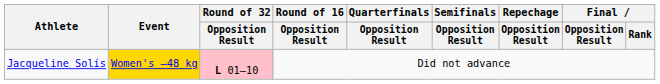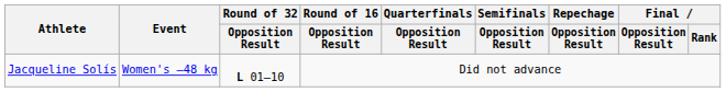 <table class="wikitable" style="font-size:90%">
 <tr>
 <th rowspan="2">Athlete</th>
 <th rowspan="2">Event</th>
 <th>Round of 32</th>
 <th>Round of 16</th>
 <th>Quarterfinals</th>
 <th>Semifinals</th>
 <th>Repechage</th>
 <th colspan=2>Final / </th>
 </tr>
 <tr style="font-size:95%">
 <th>Opposition<br>Result</th>
 <th>Opposition<br>Result</th>
 <th>Opposition<br>Result</th>
 <th>Opposition<br>Result</th>
 <th>Opposition<br>Result</th>
 <th>Opposition<br>Result</th>
 <th>Rank</th>
 </tr>
 <tr align=center>
 <td align=left><a href='#'>Jacqueline Solís</a></td>
-<td align=left style="background: gold;"><a href='#'>Women's –48 kg</a></td>
-<td style="background: pink;"><br><strong>L</strong> 01–10</td>
+<td align=left><a href='#'>Women's –48 kg</a></td>
+<td><br><strong>L</strong> 01–10</td>
 <td colspan=6>Did not advance</td>
 </tr>
 </table>
